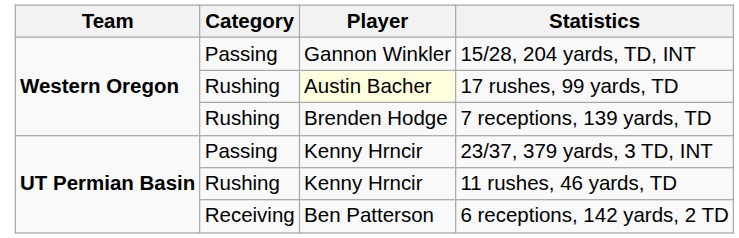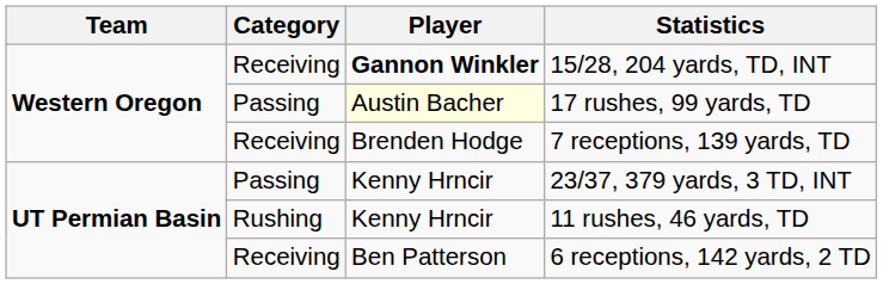 <table class="wikitable" style="float: right;">
 <tr>
 <th>Team</th>
 <th>Category</th>
 <th>Player</th>
 <th>Statistics</th>
 </tr>
 <tr>
 <td rowspan=3><strong>Western Oregon</strong></td>
-<td>Passing</td>
-<td>Gannon Winkler</td>
+<td>Receiving</td>
+<td><strong>Gannon Winkler</strong></td>
 <td>15/28, 204 yards, TD, INT</td>
 </tr>
 <tr>
-<td>Rushing</td>
+<td>Passing</td>
 <td style="background: lightyellow;">Austin Bacher</td>
 <td>17 rushes, 99 yards, TD</td>
 </tr>
 <tr>
-<td>Rushing</td>
+<td>Receiving</td>
 <td>Brenden Hodge</td>
 <td>7 receptions, 139 yards, TD</td>
 </tr>
 <tr>
 <td rowspan=3><strong>UT Permian Basin</strong></td>
 <td>Passing</td>
 <td>Kenny Hrncir</td>
 <td>23/37, 379 yards, 3 TD, INT</td>
 </tr>
 <tr>
 <td>Rushing</td>
 <td>Kenny Hrncir</td>
 <td>11 rushes, 46 yards, TD</td>
 </tr>
 <tr>
 <td>Receiving</td>
 <td>Ben Patterson</td>
 <td>6 receptions, 142 yards, 2 TD</td>
 </tr>
 </table>
